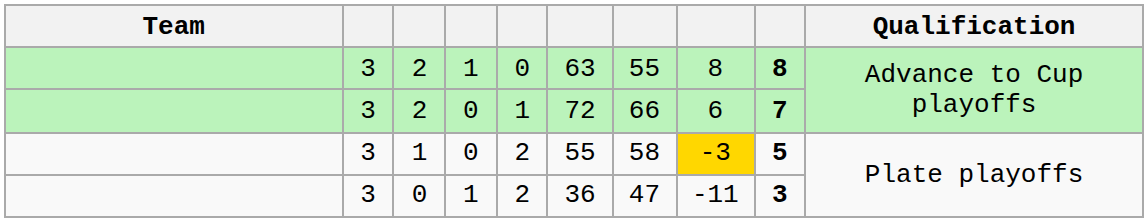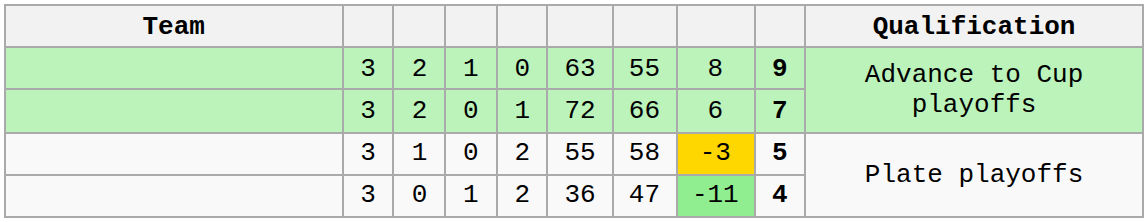 <table class="wikitable" style="text-align:center;">
 <tr>
 <th style="width:12.5em">Team</th>
 <th style="width:1.5em;"></th>
 <th style="width:1.5em;"></th>
 <th style="width:1.5em;"></th>
 <th style="width:1.5em;"></th>
 <th style="width:2.0em;"></th>
 <th style="width:2.0em;"></th>
 <th style="width:2.5em;"></th>
 <th style="width:1.5em;"></th>
 <th style="width:12.5em">Qualification</th>
 </tr>
 <tr bgcolor=#bbf3bb>
 <td align=left></td>
 <td>3</td>
 <td>2</td>
 <td>1</td>
 <td>0</td>
 <td>63</td>
 <td>55</td>
 <td>8</td>
-<td><strong>8</strong></td>
+<td><strong>9</strong></td>
 <td rowspan="2">Advance to Cup playoffs</td>
 </tr>
 <tr bgcolor=#bbf3bb>
 <td align=left></td>
 <td>3</td>
 <td>2</td>
 <td>0</td>
 <td>1</td>
 <td>72</td>
 <td>66</td>
 <td>6</td>
 <td><strong>7</strong></td>
 </tr>
 <tr>
 <td align=left></td>
 <td>3</td>
 <td>1</td>
 <td>0</td>
 <td>2</td>
 <td>55</td>
 <td>58</td>
 <td style="background: gold;">-3</td>
 <td><strong>5</strong></td>
 <td rowspan="2">Plate playoffs</td>
 </tr>
 <tr>
 <td align=left></td>
 <td>3</td>
 <td>0</td>
 <td>1</td>
 <td>2</td>
 <td>36</td>
 <td>47</td>
-<td>-11</td>
-<td><strong>3</strong></td>
+<td style="background: lightgreen;">-11</td>
+<td><strong>4</strong></td>
 </tr>
 </table>
